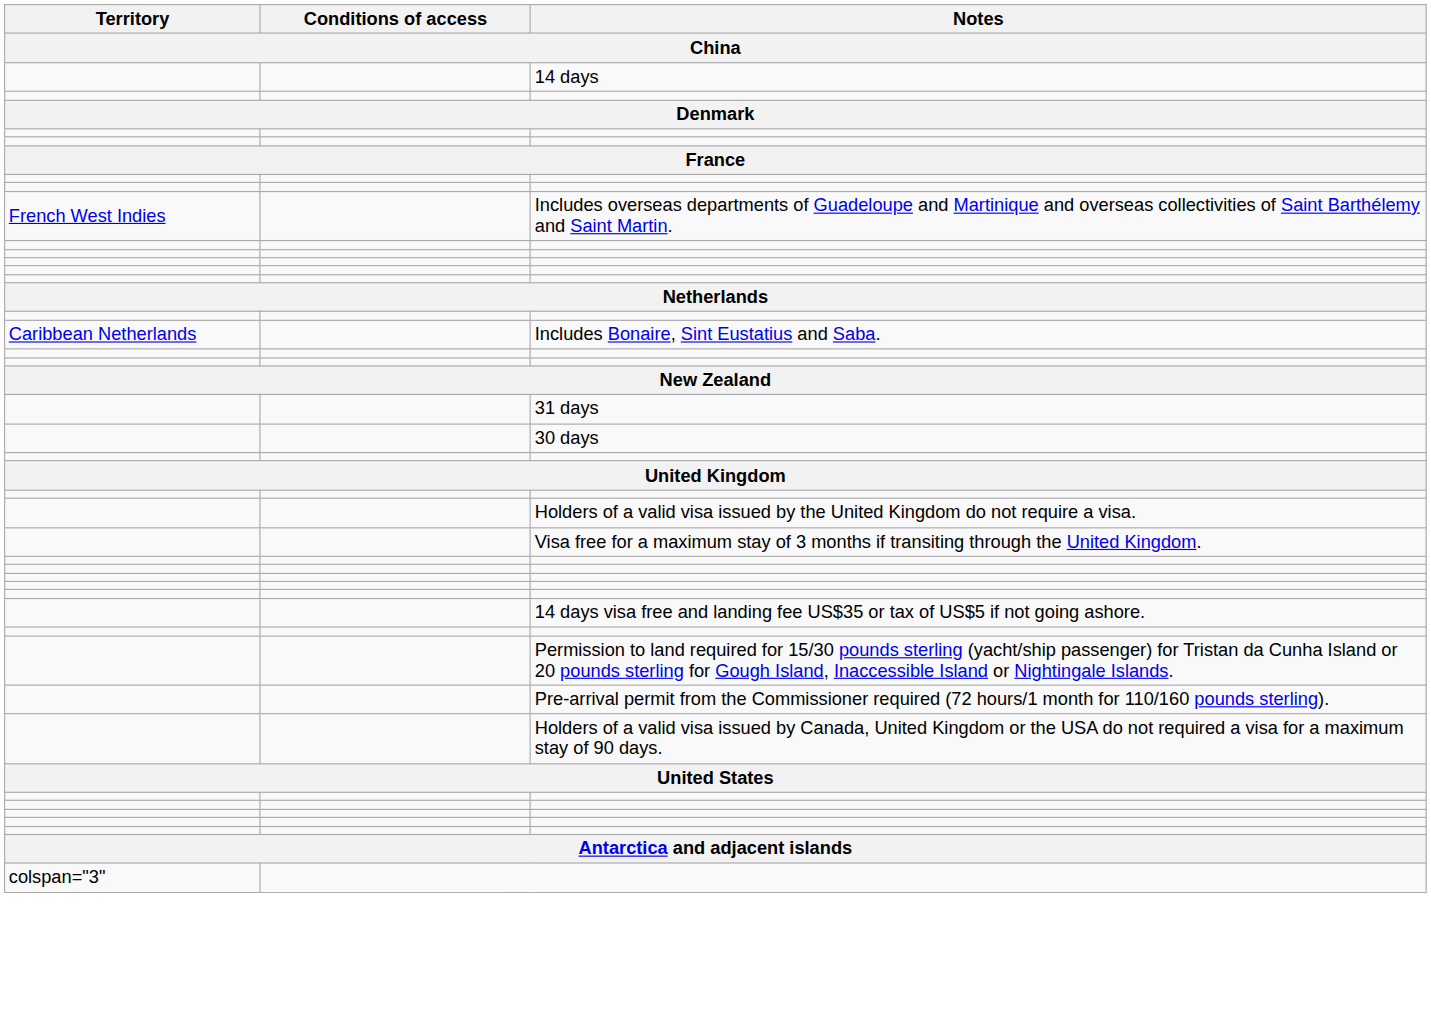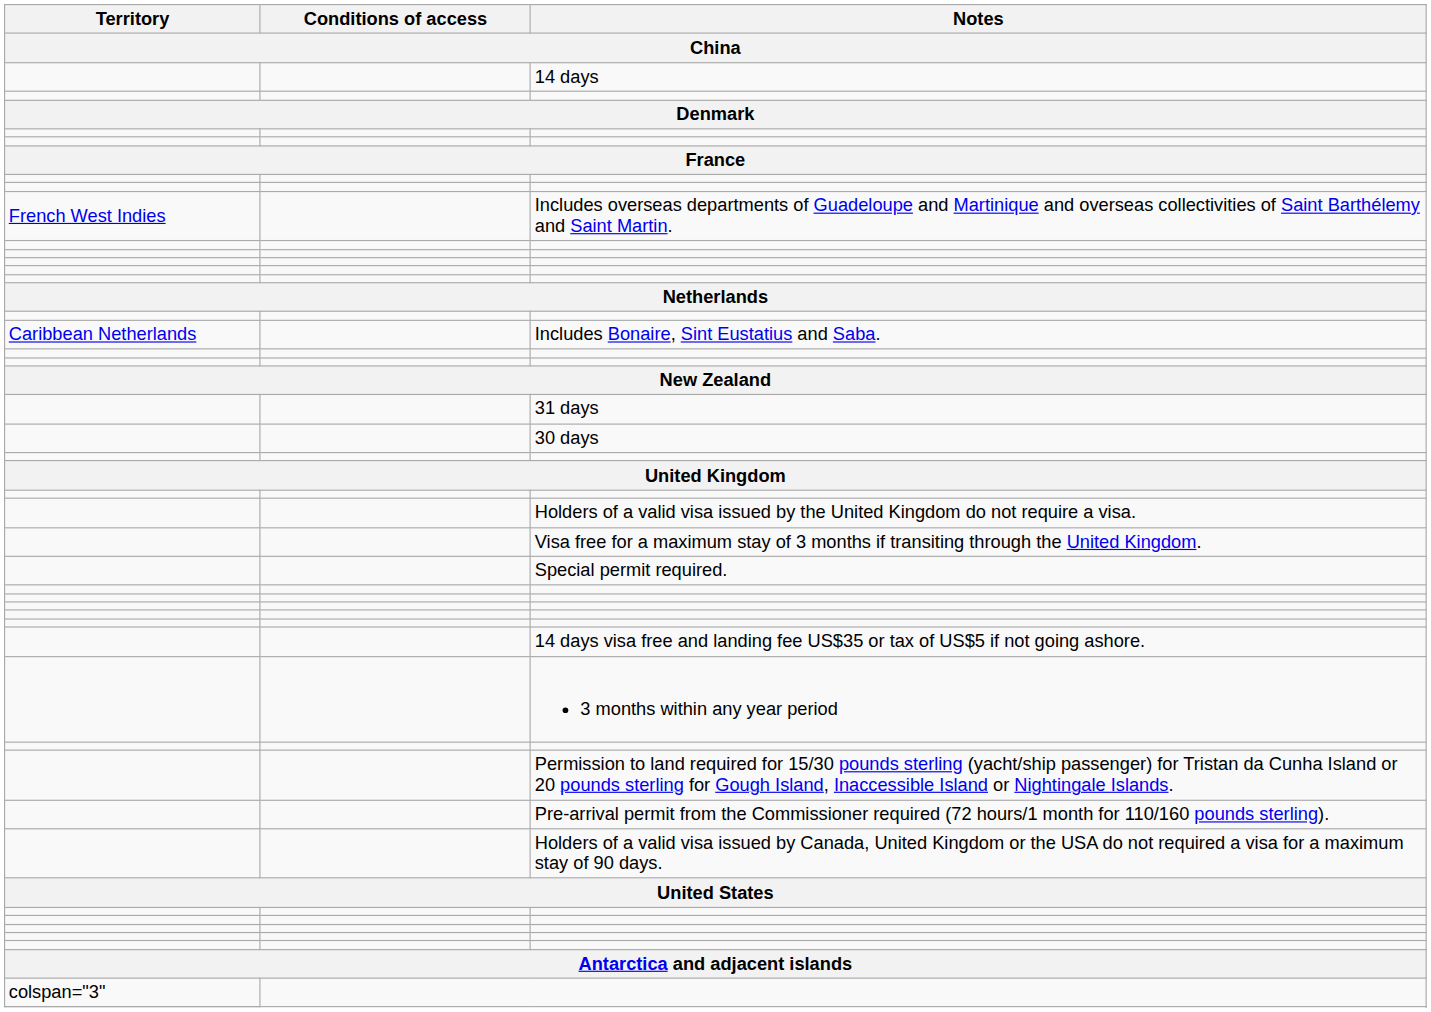 <table class="wikitable" style="text-align: left; table-layout: fixed;">
 <tr>
 <th width="18%">Territory</th>
 <th width="19%">Conditions of access</th>
 <th>Notes</th>
 </tr>
 <tr>
 <th colspan="3">China</th>
 </tr>
 <tr>
 <td></td>
 <td></td>
 <td>14 days</td>
 </tr>
 <tr>
 <td></td>
 <td></td>
 <td></td>
 </tr>
 <tr>
 <th colspan="3">Denmark</th>
 </tr>
 <tr>
 <td></td>
 <td></td>
 <td></td>
 </tr>
 <tr>
 <td></td>
 <td></td>
 <td></td>
 </tr>
 <tr>
 <th colspan="3">France</th>
 </tr>
 <tr>
 <td></td>
 <td></td>
 <td></td>
 </tr>
 <tr>
 <td></td>
 <td></td>
 <td></td>
 </tr>
 <tr>
 <td> <a href='#'>French West Indies</a></td>
 <td></td>
 <td>Includes overseas departments of <a href='#'>Guadeloupe</a> and <a href='#'>Martinique</a> and overseas collectivities of <a href='#'>Saint Barthélemy</a> and <a href='#'>Saint Martin</a>.</td>
 </tr>
 <tr>
 <td></td>
 <td></td>
 <td></td>
 </tr>
 <tr>
 <td></td>
 <td></td>
 <td></td>
 </tr>
 <tr>
 <td></td>
 <td></td>
 <td></td>
 </tr>
 <tr>
 <td></td>
 <td></td>
 <td></td>
 </tr>
 <tr>
 <td></td>
 <td></td>
 <td></td>
 </tr>
 <tr>
 <th colspan="3">Netherlands</th>
 </tr>
 <tr>
 <td></td>
 <td></td>
 <td></td>
 </tr>
 <tr>
 <td> <a href='#'>Caribbean Netherlands</a></td>
 <td></td>
 <td>Includes <a href='#'>Bonaire</a>, <a href='#'>Sint Eustatius</a> and <a href='#'>Saba</a>.</td>
 </tr>
 <tr>
 <td></td>
 <td></td>
 <td></td>
 </tr>
 <tr>
 <td></td>
 <td></td>
 <td></td>
 </tr>
 <tr>
 <th colspan="3">New Zealand</th>
 </tr>
 <tr>
 <td></td>
 <td></td>
 <td>31 days</td>
 </tr>
 <tr>
 <td></td>
 <td></td>
 <td>30 days</td>
 </tr>
 <tr>
 <td></td>
 <td></td>
 <td></td>
 </tr>
 <tr>
 <th colspan="3">United Kingdom</th>
 </tr>
 <tr>
 <td></td>
 <td></td>
 <td></td>
 </tr>
 <tr>
 <td></td>
 <td></td>
 <td>Holders of a valid visa issued by the United Kingdom do not require a visa.</td>
 </tr>
 <tr>
 <td></td>
 <td></td>
 <td>Visa free for a maximum stay of 3 months if transiting through the <a href='#'>United Kingdom</a>.</td>
 </tr>
 <tr>
 <td></td>
 <td></td>
+<td>Special permit required.</td>
+</tr>
+<tr>
+<td></td>
+<td></td>
 <td></td>
 </tr>
 <tr>
 <td></td>
 <td></td>
 <td></td>
 </tr>
 <tr>
 <td></td>
 <td></td>
 <td></td>
 </tr>
 <tr>
 <td></td>
 <td></td>
 <td></td>
 </tr>
 <tr>
 <td></td>
 <td></td>
 <td></td>
 </tr>
 <tr>
 <td></td>
 <td></td>
 <td>14 days visa free and landing fee US$35 or tax of US$5 if not going ashore.</td>
+</tr>
+<tr>
+<td></td>
+<td></td>
+<td><br><ul><li>3 months within any year period</li></ul></td>
 </tr>
 <tr>
 <td></td>
 <td></td>
 <td></td>
 </tr>
 <tr>
 <td></td>
 <td></td>
 <td>Permission to land required for 15/30 <a href='#'>pounds sterling</a> (yacht/ship passenger) for Tristan da Cunha Island or 20 <a href='#'>pounds sterling</a> for <a href='#'>Gough Island</a>, <a href='#'>Inaccessible Island</a> or <a href='#'>Nightingale Islands</a>.</td>
 </tr>
 <tr>
 <td></td>
 <td></td>
 <td>Pre-arrival permit from the Commissioner required (72 hours/1 month for 110/160 <a href='#'>pounds sterling</a>).</td>
 </tr>
 <tr>
 <td></td>
 <td></td>
 <td>Holders of a valid visa issued by Canada, United Kingdom or the USA do not required a visa for a maximum stay of 90 days.</td>
 </tr>
 <tr>
 <th colspan="3">United States</th>
 </tr>
 <tr>
 <td></td>
 <td></td>
 <td></td>
 </tr>
 <tr>
 <td></td>
 <td></td>
 <td></td>
 </tr>
 <tr>
 <td></td>
 <td></td>
 <td></td>
 </tr>
 <tr>
 <td></td>
 <td></td>
 <td></td>
 </tr>
 <tr>
 <td></td>
 <td></td>
 <td></td>
 </tr>
 <tr>
 <th colspan="3"><a href='#'>Antarctica</a> and adjacent islands</th>
 </tr>
 <tr>
 <td>colspan="3" </td>
 </tr>
 <tr>
 </tr>
 </table>
